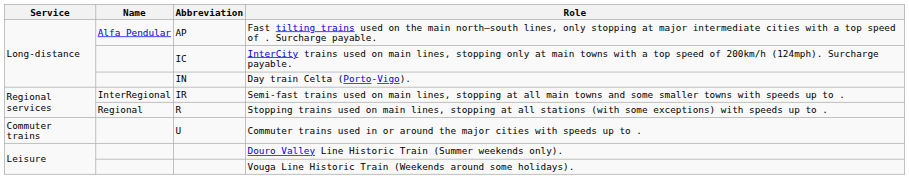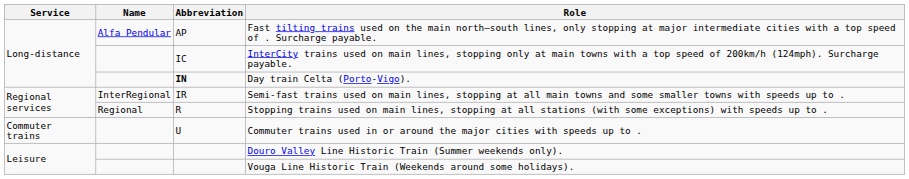 <table class="wikitable">
 <tr>
 <th>Service</th>
 <th>Name</th>
 <th>Abbreviation</th>
 <th>Role</th>
 </tr>
 <tr>
 <td rowspan="3">Long-distance</td>
 <td><a href='#'>Alfa Pendular</a></td>
 <td>AP</td>
 <td>Fast <a href='#'>tilting trains</a> used on the main north–south lines, only stopping at major intermediate cities with a top speed of . Surcharge payable.</td>
 </tr>
 <tr>
 <td></td>
 <td>IC</td>
 <td><a href='#'>InterCity</a> trains used on main lines, stopping only at main towns with a top speed of 200km/h (124mph). Surcharge payable.</td>
 </tr>
 <tr>
 <td></td>
-<td>IN</td>
+<td><strong>IN</strong></td>
 <td>Day train Celta (<a href='#'>Porto</a>-<a href='#'>Vigo</a>).</td>
 </tr>
 <tr>
 <td rowspan="2">Regional services</td>
 <td>InterRegional</td>
 <td>IR</td>
 <td>Semi-fast trains used on main lines, stopping at all main towns and some smaller towns with speeds up to .</td>
 </tr>
 <tr>
 <td>Regional</td>
 <td>R</td>
 <td>Stopping trains used on main lines, stopping at all stations (with some exceptions) with speeds up to .</td>
 </tr>
 <tr>
 <td>Commuter<br>trains</td>
 <td></td>
 <td>U</td>
 <td>Commuter trains used in or around the major cities with speeds up to .</td>
 </tr>
 <tr>
 <td rowspan="2">Leisure</td>
 <td></td>
 <td></td>
 <td><a href='#'>Douro Valley</a> Line Historic Train (Summer weekends only).</td>
 </tr>
 <tr>
 <td></td>
 <td></td>
 <td>Vouga Line Historic Train (Weekends around some holidays).</td>
 </tr>
 </table>
